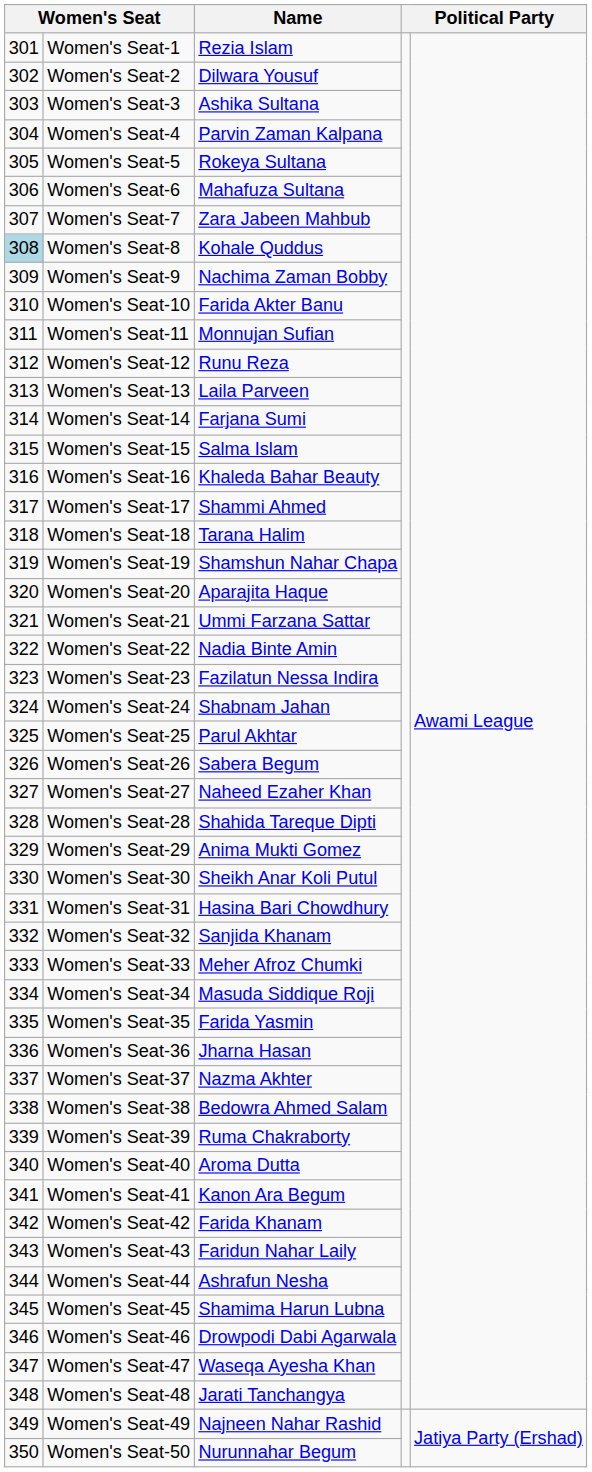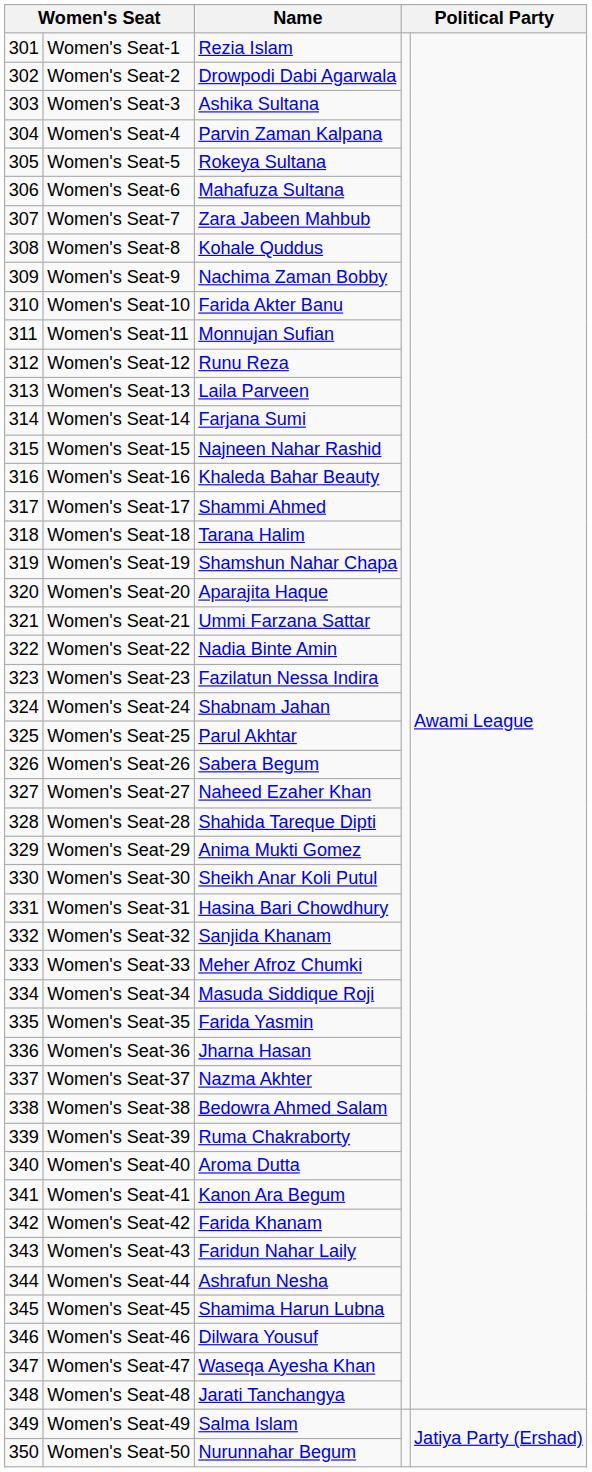 <table class="wikitable sortable">
 <tr>
 <th colspan="2">Women's Seat</th>
 <th>Name</th>
 <th colspan="2"><strong>Political Party</strong></th>
 </tr>
 <tr>
 <td>301</td>
 <td>Women's Seat-1</td>
 <td><a href='#'>Rezia Islam</a></td>
 <td rowspan="48" style="background-color:"></td>
 <td rowspan="48"><a href='#'>Awami League</a></td>
 </tr>
 <tr>
 <td>302</td>
 <td>Women's Seat-2</td>
-<td><a href='#'>Dilwara Yousuf</a></td>
+<td><a href='#'>Drowpodi Dabi Agarwala</a></td>
 </tr>
 <tr>
 <td>303</td>
 <td>Women's Seat-3</td>
 <td><a href='#'>Ashika Sultana</a></td>
 </tr>
 <tr>
 <td>304</td>
 <td>Women's Seat-4</td>
 <td><a href='#'>Parvin Zaman Kalpana</a></td>
 </tr>
 <tr>
 <td>305</td>
 <td>Women's Seat-5</td>
 <td><a href='#'>Rokeya Sultana</a></td>
 </tr>
 <tr>
 <td>306</td>
 <td>Women's Seat-6</td>
 <td><a href='#'>Mahafuza Sultana</a></td>
 </tr>
 <tr>
 <td>307</td>
 <td>Women's Seat-7</td>
 <td><a href='#'>Zara Jabeen Mahbub</a></td>
 </tr>
 <tr>
-<td style="background: lightblue;">308</td>
+<td>308</td>
 <td>Women's Seat-8</td>
 <td><a href='#'>Kohale Quddus</a></td>
 </tr>
 <tr>
 <td>309</td>
 <td>Women's Seat-9</td>
 <td><a href='#'>Nachima Zaman Bobby</a></td>
 </tr>
 <tr>
 <td>310</td>
 <td>Women's Seat-10</td>
 <td><a href='#'>Farida Akter Banu</a></td>
 </tr>
 <tr>
 <td>311</td>
 <td>Women's Seat-11</td>
 <td><a href='#'>Monnujan Sufian</a></td>
 </tr>
 <tr>
 <td>312</td>
 <td>Women's Seat-12</td>
 <td><a href='#'>Runu Reza</a></td>
 </tr>
 <tr>
 <td>313</td>
 <td>Women's Seat-13</td>
 <td><a href='#'>Laila Parveen</a></td>
 </tr>
 <tr>
 <td>314</td>
 <td>Women's Seat-14</td>
 <td><a href='#'>Farjana Sumi</a></td>
 </tr>
 <tr>
 <td>315</td>
 <td>Women's Seat-15</td>
-<td><a href='#'>Salma Islam</a></td>
+<td><a href='#'>Najneen Nahar Rashid</a></td>
 </tr>
 <tr>
 <td>316</td>
 <td>Women's Seat-16</td>
 <td><a href='#'>Khaleda Bahar Beauty</a></td>
 </tr>
 <tr>
 <td>317</td>
 <td>Women's Seat-17</td>
 <td><a href='#'>Shammi Ahmed</a></td>
 </tr>
 <tr>
 <td>318</td>
 <td>Women's Seat-18</td>
 <td><a href='#'>Tarana Halim</a></td>
 </tr>
 <tr>
 <td>319</td>
 <td>Women's Seat-19</td>
 <td><a href='#'>Shamshun Nahar Chapa</a></td>
 </tr>
 <tr>
 <td>320</td>
 <td>Women's Seat-20</td>
 <td><a href='#'>Aparajita Haque</a></td>
 </tr>
 <tr>
 <td>321</td>
 <td>Women's Seat-21</td>
 <td><a href='#'>Ummi Farzana Sattar</a></td>
 </tr>
 <tr>
 <td>322</td>
 <td>Women's Seat-22</td>
 <td><a href='#'>Nadia Binte Amin</a></td>
 </tr>
 <tr>
 <td>323</td>
 <td>Women's Seat-23</td>
 <td><a href='#'>Fazilatun Nessa Indira</a></td>
 </tr>
 <tr>
 <td>324</td>
 <td>Women's Seat-24</td>
 <td><a href='#'>Shabnam Jahan</a></td>
 </tr>
 <tr>
 <td>325</td>
 <td>Women's Seat-25</td>
 <td><a href='#'>Parul Akhtar</a></td>
 </tr>
 <tr>
 <td>326</td>
 <td>Women's Seat-26</td>
 <td><a href='#'>Sabera Begum</a></td>
 </tr>
 <tr>
 <td>327</td>
 <td>Women's Seat-27</td>
 <td><a href='#'>Naheed Ezaher Khan</a></td>
 </tr>
 <tr>
 <td>328</td>
 <td>Women's Seat-28</td>
 <td><a href='#'>Shahida Tareque Dipti</a></td>
 </tr>
 <tr>
 <td>329</td>
 <td>Women's Seat-29</td>
 <td><a href='#'>Anima Mukti Gomez</a></td>
 </tr>
 <tr>
 <td>330</td>
 <td>Women's Seat-30</td>
 <td><a href='#'>Sheikh Anar Koli Putul</a></td>
 </tr>
 <tr>
 <td>331</td>
 <td>Women's Seat-31</td>
 <td><a href='#'>Hasina Bari Chowdhury</a></td>
 </tr>
 <tr>
 <td>332</td>
 <td>Women's Seat-32</td>
 <td><a href='#'>Sanjida Khanam</a></td>
 </tr>
 <tr>
 <td>333</td>
 <td>Women's Seat-33</td>
 <td><a href='#'>Meher Afroz Chumki</a></td>
 </tr>
 <tr>
 <td>334</td>
 <td>Women's Seat-34</td>
 <td><a href='#'>Masuda Siddique Roji</a></td>
 </tr>
 <tr>
 <td>335</td>
 <td>Women's Seat-35</td>
 <td><a href='#'>Farida Yasmin</a></td>
 </tr>
 <tr>
 <td>336</td>
 <td>Women's Seat-36</td>
 <td><a href='#'>Jharna Hasan</a></td>
 </tr>
 <tr>
 <td>337</td>
 <td>Women's Seat-37</td>
 <td><a href='#'>Nazma Akhter</a></td>
 </tr>
 <tr>
 <td>338</td>
 <td>Women's Seat-38</td>
 <td><a href='#'>Bedowra Ahmed Salam</a></td>
 </tr>
 <tr>
 <td>339</td>
 <td>Women's Seat-39</td>
 <td><a href='#'>Ruma Chakraborty</a></td>
 </tr>
 <tr>
 <td>340</td>
 <td>Women's Seat-40</td>
 <td><a href='#'>Aroma Dutta</a></td>
 </tr>
 <tr>
 <td>341</td>
 <td>Women's Seat-41</td>
 <td><a href='#'>Kanon Ara Begum</a></td>
 </tr>
 <tr>
 <td>342</td>
 <td>Women's Seat-42</td>
 <td><a href='#'>Farida Khanam</a></td>
 </tr>
 <tr>
 <td>343</td>
 <td>Women's Seat-43</td>
 <td><a href='#'>Faridun Nahar Laily</a></td>
 </tr>
 <tr>
 <td>344</td>
 <td>Women's Seat-44</td>
 <td><a href='#'>Ashrafun Nesha</a></td>
 </tr>
 <tr>
 <td>345</td>
 <td>Women's Seat-45</td>
 <td><a href='#'>Shamima Harun Lubna</a></td>
 </tr>
 <tr>
 <td>346</td>
 <td>Women's Seat-46</td>
-<td><a href='#'>Drowpodi Dabi Agarwala</a></td>
+<td><a href='#'>Dilwara Yousuf</a></td>
 </tr>
 <tr>
 <td>347</td>
 <td>Women's Seat-47</td>
 <td><a href='#'>Waseqa Ayesha Khan</a></td>
 </tr>
 <tr>
 <td>348</td>
 <td>Women's Seat-48</td>
 <td><a href='#'>Jarati Tanchangya</a></td>
 </tr>
 <tr>
 <td>349</td>
 <td>Women's Seat-49</td>
-<td><a href='#'>Najneen Nahar Rashid</a></td>
+<td><a href='#'>Salma Islam</a></td>
 <td rowspan="2" style="background-color:"></td>
 <td rowspan="2"><a href='#'>Jatiya Party (Ershad)</a></td>
 </tr>
 <tr>
 <td>350</td>
 <td>Women's Seat-50</td>
 <td><a href='#'>Nurunnahar Begum</a></td>
 </tr>
 </table>
